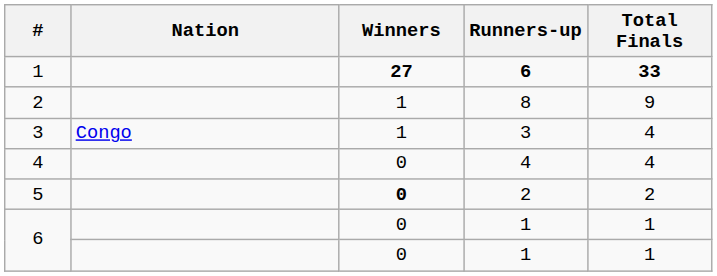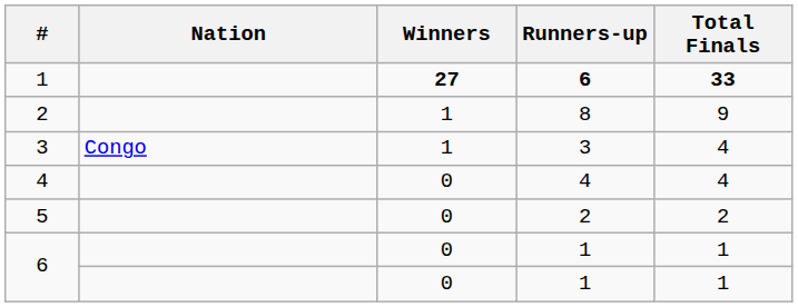 <table class="wikitable">
 <tr>
 <th width=40>#</th>
 <th width=180>Nation</th>
 <th width=80>Winners</th>
 <th width=80>Runners-up</th>
 <th width=80>Total Finals</th>
 </tr>
 <tr>
 <td align=center>1</td>
 <td></td>
 <td align=center><strong>27</strong></td>
 <td align=center><strong>6</strong></td>
 <td align=center><strong>33</strong></td>
 </tr>
 <tr>
 <td align=center>2</td>
 <td></td>
 <td align=center>1</td>
 <td align=center>8</td>
 <td align=center>9</td>
 </tr>
 <tr>
 <td align=center>3</td>
 <td> <a href='#'>Congo</a></td>
 <td align=center>1</td>
 <td align=center>3</td>
 <td align=center>4</td>
 </tr>
 <tr>
 <td align=center>4</td>
 <td></td>
 <td align=center>0</td>
 <td align=center>4</td>
 <td align=center>4</td>
 </tr>
 <tr>
 <td align=center>5</td>
 <td></td>
-<td align=center><strong>0</strong></td>
+<td align=center>0</td>
 <td align=center>2</td>
 <td align=center>2</td>
 </tr>
 <tr>
 <td align=center rowspan=2>6</td>
 <td></td>
 <td align=center>0</td>
 <td align=center>1</td>
 <td align=center>1</td>
 </tr>
 <tr>
 <td></td>
 <td align=center>0</td>
 <td align=center>1</td>
 <td align=center>1</td>
 </tr>
 </table>
